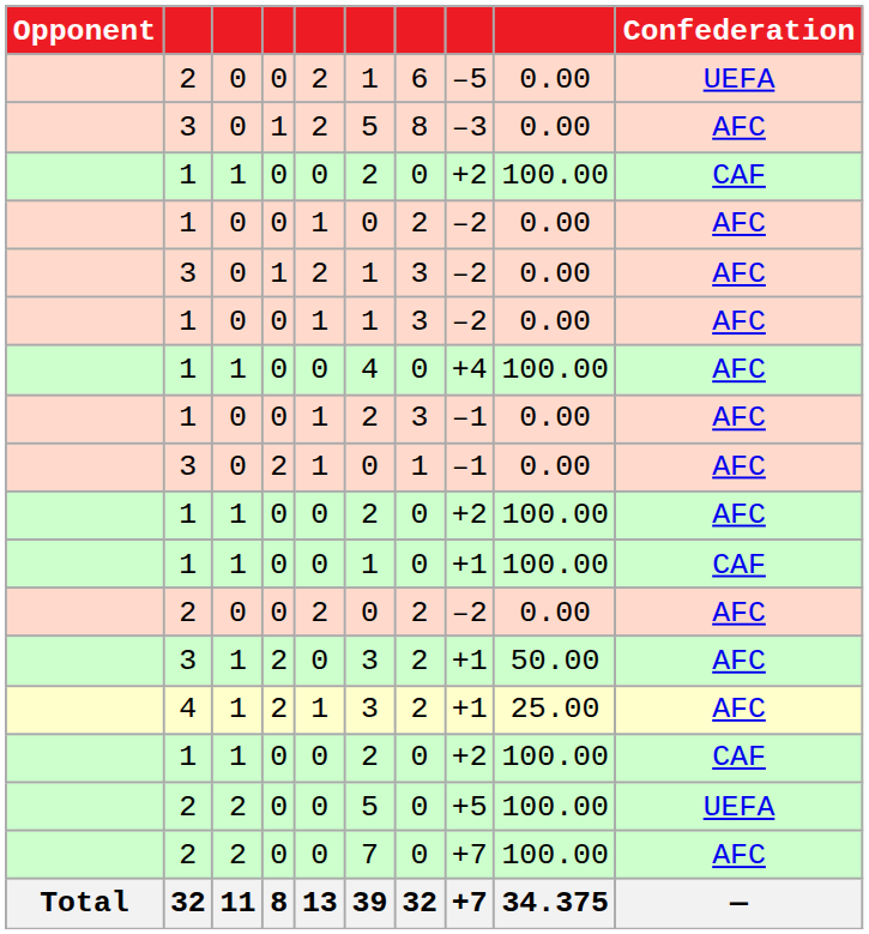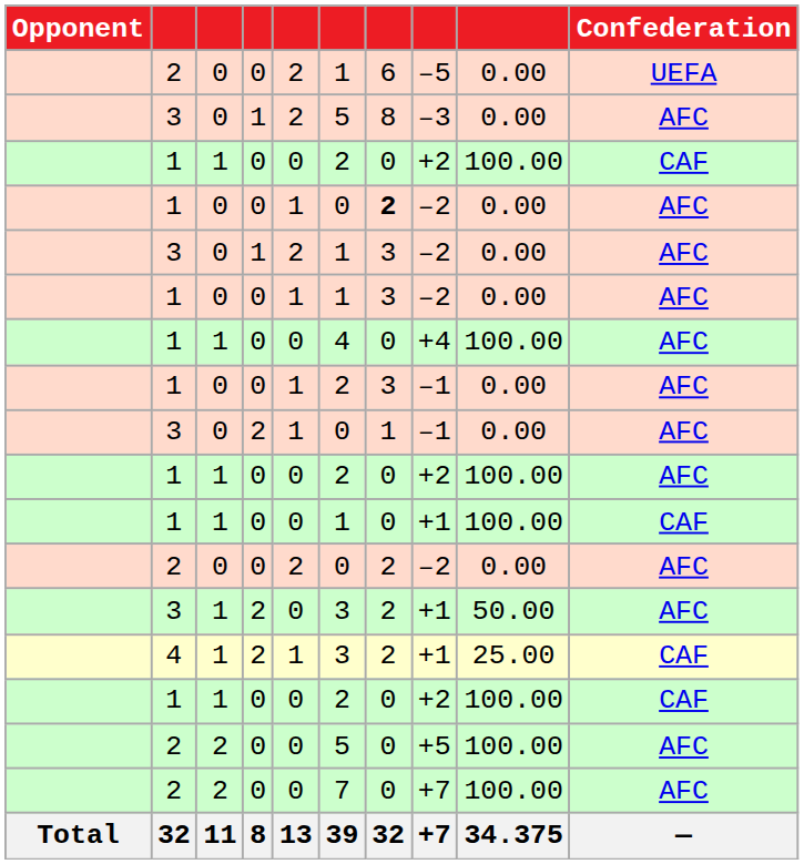 <table class="wikitable sortable" style="text-align:center;">
 <tr>
 <th style="background-color:#ED1C24;color:white">Opponent</th>
 <th style="background-color:#ED1C24;"></th>
 <th style="background-color:#ED1C24;"></th>
 <th style="background-color:#ED1C24;"></th>
 <th style="background-color:#ED1C24;"></th>
 <th style="background-color:#ED1C24;"></th>
 <th style="background-color:#ED1C24;"></th>
 <th style="background-color:#ED1C24;"></th>
 <th style="background-color:#ED1C24;"></th>
 <th style="background-color:#ED1C24;color:white">Confederation</th>
 </tr>
 <tr bgcolor=FFDACC>
 <td style="text-align:left;"></td>
 <td>2</td>
 <td>0</td>
 <td>0</td>
 <td>2</td>
 <td>1</td>
 <td>6</td>
 <td>–5</td>
 <td>0.00</td>
 <td><a href='#'>UEFA</a></td>
 </tr>
 <tr bgcolor=FFDACC>
 <td style="text-align:left;"></td>
 <td>3</td>
 <td>0</td>
 <td>1</td>
 <td>2</td>
 <td>5</td>
 <td>8</td>
 <td>–3</td>
 <td>0.00</td>
 <td><a href='#'>AFC</a></td>
 </tr>
 <tr bgcolor=CCFFCC>
 <td style="text-align:left;"></td>
 <td>1</td>
 <td>1</td>
 <td>0</td>
 <td>0</td>
 <td>2</td>
 <td>0</td>
 <td>+2</td>
 <td>100.00</td>
 <td><a href='#'>CAF</a></td>
 </tr>
 <tr bgcolor=FFDACC>
 <td style="text-align:left;"></td>
 <td>1</td>
 <td>0</td>
 <td>0</td>
 <td>1</td>
 <td>0</td>
-<td>2</td>
+<td><strong>2</strong></td>
 <td>–2</td>
 <td>0.00</td>
 <td><a href='#'>AFC</a></td>
 </tr>
 <tr bgcolor=FFDACC>
 <td style="text-align:left;"></td>
 <td>3</td>
 <td>0</td>
 <td>1</td>
 <td>2</td>
 <td>1</td>
 <td>3</td>
 <td>–2</td>
 <td>0.00</td>
 <td><a href='#'>AFC</a></td>
 </tr>
 <tr bgcolor=FFDACC>
 <td style="text-align:left;"></td>
 <td>1</td>
 <td>0</td>
 <td>0</td>
 <td>1</td>
 <td>1</td>
 <td>3</td>
 <td>–2</td>
 <td>0.00</td>
 <td><a href='#'>AFC</a></td>
 </tr>
 <tr bgcolor=CCFFCC>
 <td style="text-align:left;"></td>
 <td>1</td>
 <td>1</td>
 <td>0</td>
 <td>0</td>
 <td>4</td>
 <td>0</td>
 <td>+4</td>
 <td>100.00</td>
 <td><a href='#'>AFC</a></td>
 </tr>
 <tr bgcolor=FFDACC>
 <td style="text-align:left;"></td>
 <td>1</td>
 <td>0</td>
 <td>0</td>
 <td>1</td>
 <td>2</td>
 <td>3</td>
 <td>–1</td>
 <td>0.00</td>
 <td><a href='#'>AFC</a></td>
 </tr>
 <tr bgcolor=FFDACC>
 <td style="text-align:left;"></td>
 <td>3</td>
 <td>0</td>
 <td>2</td>
 <td>1</td>
 <td>0</td>
 <td>1</td>
 <td>–1</td>
 <td>0.00</td>
 <td><a href='#'>AFC</a></td>
 </tr>
 <tr bgcolor=CCFFCC>
 <td style="text-align:left;"></td>
 <td>1</td>
 <td>1</td>
 <td>0</td>
 <td>0</td>
 <td>2</td>
 <td>0</td>
 <td>+2</td>
 <td>100.00</td>
 <td><a href='#'>AFC</a></td>
 </tr>
 <tr bgcolor=CCFFCC>
 <td style="text-align:left;"></td>
 <td>1</td>
 <td>1</td>
 <td>0</td>
 <td>0</td>
 <td>1</td>
 <td>0</td>
 <td>+1</td>
 <td>100.00</td>
 <td><a href='#'>CAF</a></td>
 </tr>
 <tr bgcolor=FFDACC>
 <td style="text-align:left;"></td>
 <td>2</td>
 <td>0</td>
 <td>0</td>
 <td>2</td>
 <td>0</td>
 <td>2</td>
 <td>–2</td>
 <td>0.00</td>
 <td><a href='#'>AFC</a></td>
 </tr>
 <tr bgcolor=CCFFCC>
 <td style="text-align:left;"></td>
 <td>3</td>
 <td>1</td>
 <td>2</td>
 <td>0</td>
 <td>3</td>
 <td>2</td>
 <td>+1</td>
 <td>50.00</td>
 <td><a href='#'>AFC</a></td>
 </tr>
 <tr bgcolor=FFFFCC>
 <td style="text-align:left;"></td>
 <td>4</td>
 <td>1</td>
 <td>2</td>
 <td>1</td>
 <td>3</td>
 <td>2</td>
 <td>+1</td>
 <td>25.00</td>
-<td><a href='#'>AFC</a></td>
+<td><a href='#'>CAF</a></td>
 </tr>
 <tr bgcolor=CCFFCC>
 <td style="text-align:left;"></td>
 <td>1</td>
 <td>1</td>
 <td>0</td>
 <td>0</td>
 <td>2</td>
 <td>0</td>
 <td>+2</td>
 <td>100.00</td>
 <td><a href='#'>CAF</a></td>
 </tr>
 <tr bgcolor=CCFFCC>
 <td style="text-align:left;"></td>
 <td>2</td>
 <td>2</td>
 <td>0</td>
 <td>0</td>
 <td>5</td>
 <td>0</td>
 <td>+5</td>
 <td>100.00</td>
-<td><a href='#'>UEFA</a></td>
+<td><a href='#'>AFC</a></td>
 </tr>
 <tr bgcolor=CCFFCC>
 <td style="text-align:left;"></td>
 <td>2</td>
 <td>2</td>
 <td>0</td>
 <td>0</td>
 <td>7</td>
 <td>0</td>
 <td>+7</td>
 <td>100.00</td>
 <td><a href='#'>AFC</a></td>
 </tr>
 <tr>
 <th>Total</th>
 <th>32</th>
 <th>11</th>
 <th>8</th>
 <th>13</th>
 <th>39</th>
 <th>32</th>
 <th>+7</th>
 <th>34.375</th>
 <th>—</th>
 </tr>
 </table>
